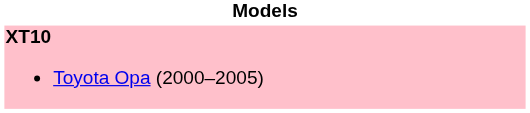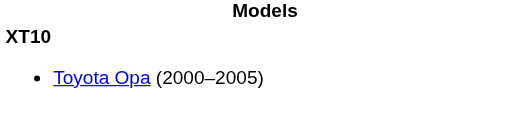 <table>
 <tr>
 <th style="width:50%">Models</th>
 </tr>
 <tr>
-<td style="background: pink; width:50%"><strong>XT10</strong><br><ul><li><a href='#'>Toyota Opa</a> (2000–2005)</li></ul></td>
+<td style="width:50%"><strong>XT10</strong><br><ul><li><a href='#'>Toyota Opa</a> (2000–2005)</li></ul></td>
 </tr>
 </table>
